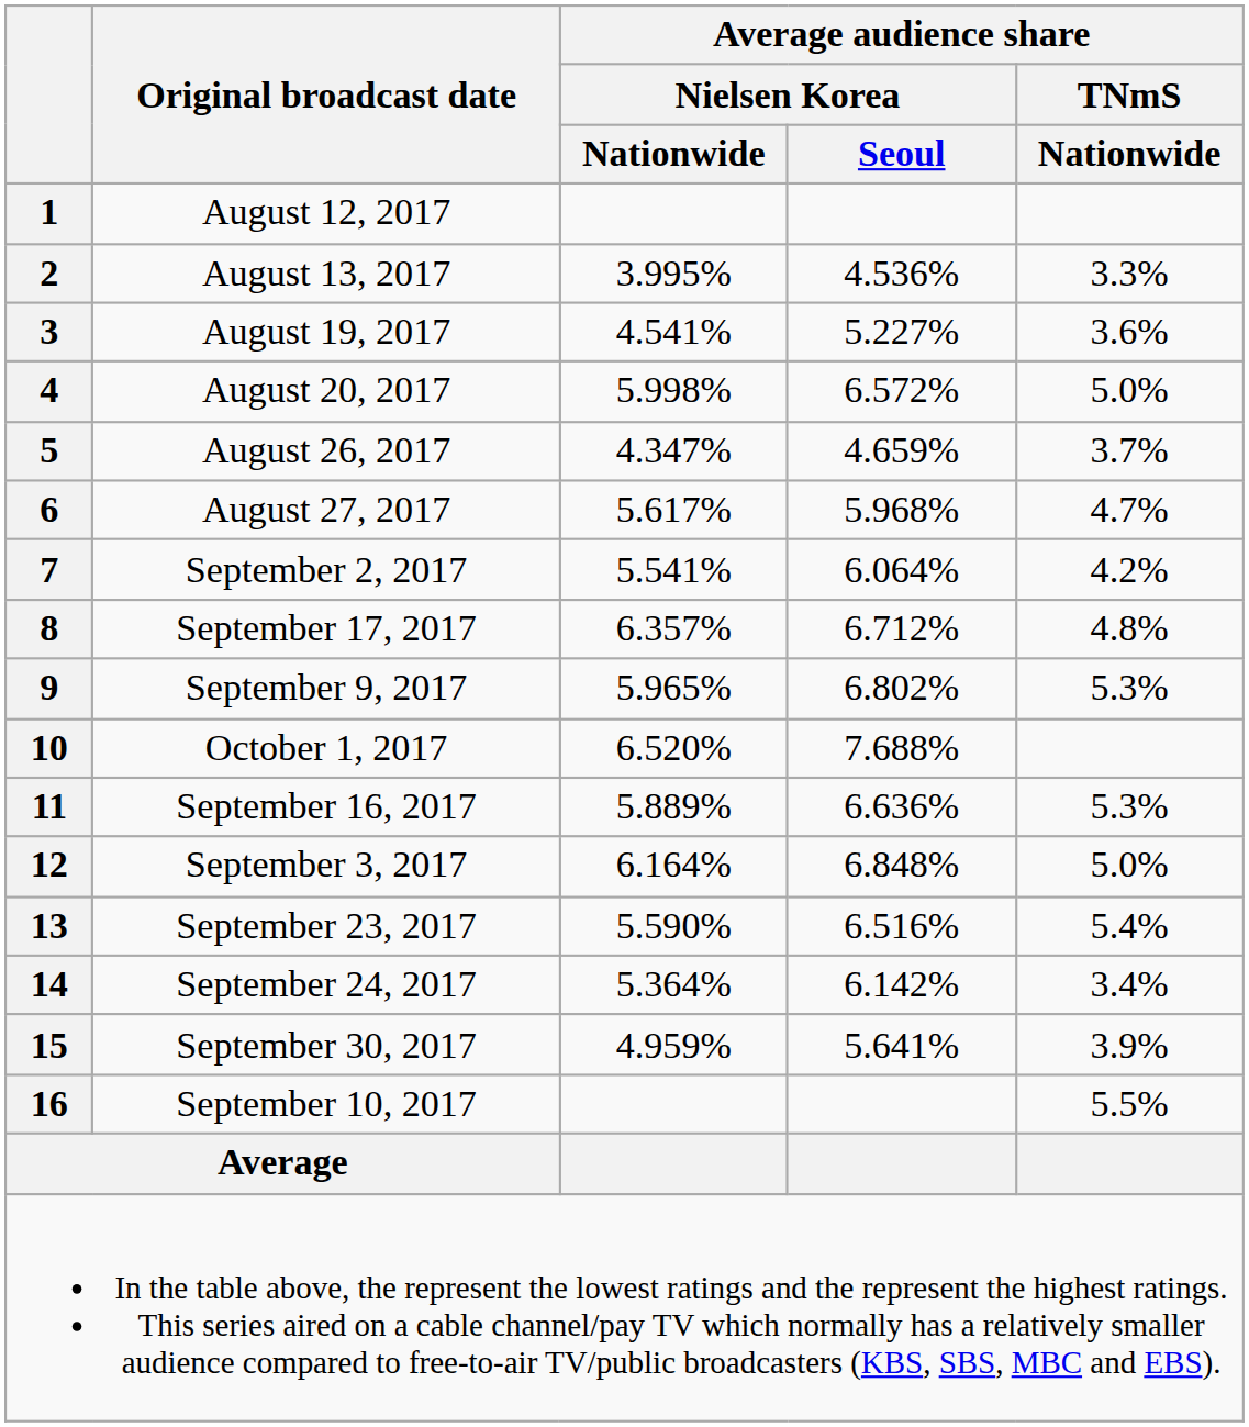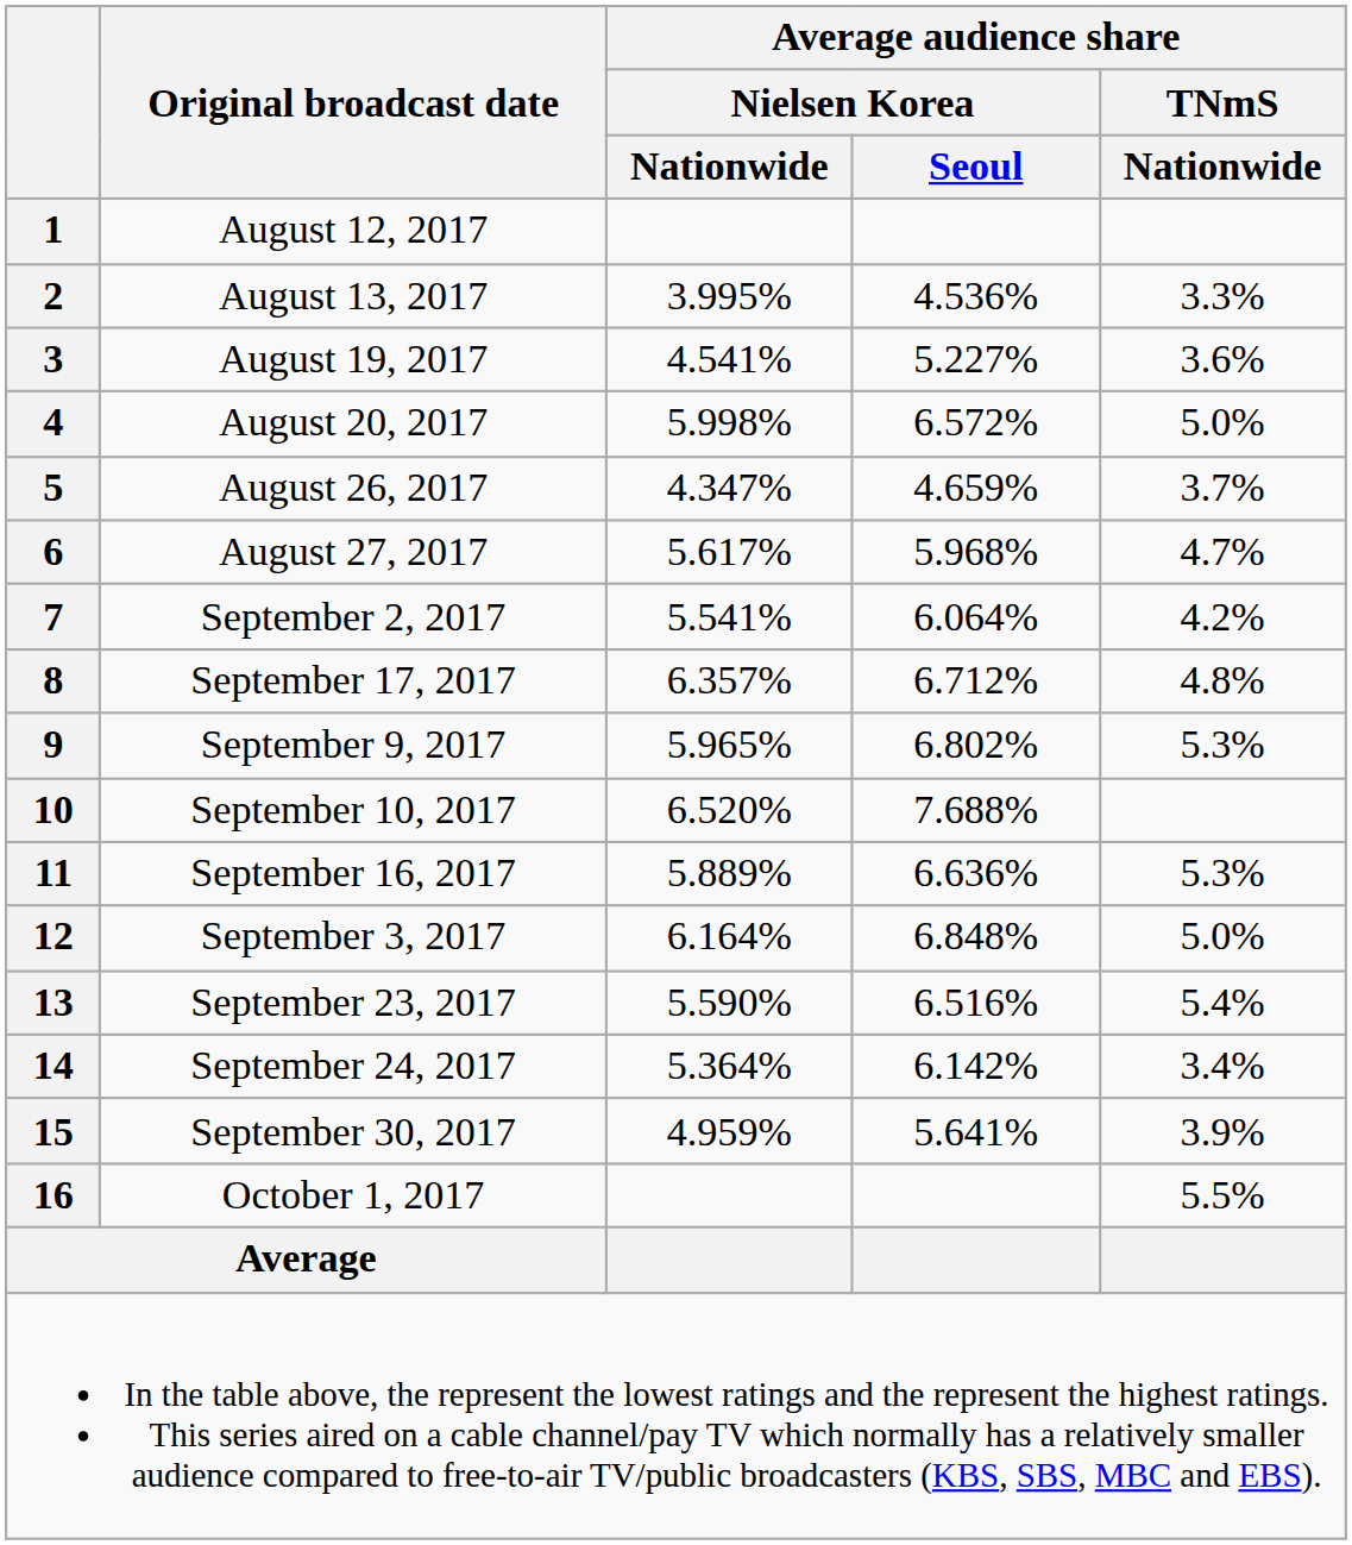 <table class="wikitable" style="text-align:center; width:530px">
 <tr>
 <th rowspan="3"></th>
 <th rowspan="3">Original broadcast date</th>
 <th colspan="3">Average audience share</th>
 </tr>
 <tr>
 <th colspan="2">Nielsen Korea</th>
 <th>TNmS</th>
 </tr>
 <tr>
 <th width="90">Nationwide</th>
 <th width="90"><a href='#'>Seoul</a></th>
 <th width="90">Nationwide</th>
 </tr>
 <tr>
 <th>1</th>
 <td>August 12, 2017</td>
 <td></td>
 <td></td>
 <td></td>
 </tr>
 <tr>
 <th>2</th>
 <td>August 13, 2017</td>
 <td>3.995%</td>
 <td>4.536%</td>
 <td>3.3%</td>
 </tr>
 <tr>
 <th>3</th>
 <td>August 19, 2017</td>
 <td>4.541%</td>
 <td>5.227%</td>
 <td>3.6%</td>
 </tr>
 <tr>
 <th>4</th>
 <td>August 20, 2017</td>
 <td>5.998%</td>
 <td>6.572%</td>
 <td>5.0%</td>
 </tr>
 <tr>
 <th>5</th>
 <td>August 26, 2017</td>
 <td>4.347%</td>
 <td>4.659%</td>
 <td>3.7%</td>
 </tr>
 <tr>
 <th>6</th>
 <td>August 27, 2017</td>
 <td>5.617%</td>
 <td>5.968%</td>
 <td>4.7%</td>
 </tr>
 <tr>
 <th>7</th>
 <td>September 2, 2017</td>
 <td>5.541%</td>
 <td>6.064%</td>
 <td>4.2%</td>
 </tr>
 <tr>
 <th>8</th>
 <td>September 17, 2017</td>
 <td>6.357%</td>
 <td>6.712%</td>
 <td>4.8%</td>
 </tr>
 <tr>
 <th>9</th>
 <td>September 9, 2017</td>
 <td>5.965%</td>
 <td>6.802%</td>
 <td>5.3%</td>
 </tr>
 <tr>
 <th>10</th>
-<td>October 1, 2017</td>
+<td>September 10, 2017</td>
 <td>6.520%</td>
 <td>7.688%</td>
 <td></td>
 </tr>
 <tr>
 <th>11</th>
 <td>September 16, 2017</td>
 <td>5.889%</td>
 <td>6.636%</td>
 <td>5.3%</td>
 </tr>
 <tr>
 <th>12</th>
 <td>September 3, 2017</td>
 <td>6.164%</td>
 <td>6.848%</td>
 <td>5.0%</td>
 </tr>
 <tr>
 <th>13</th>
 <td>September 23, 2017</td>
 <td>5.590%</td>
 <td>6.516%</td>
 <td>5.4%</td>
 </tr>
 <tr>
 <th>14</th>
 <td>September 24, 2017</td>
 <td>5.364%</td>
 <td>6.142%</td>
 <td>3.4%</td>
 </tr>
 <tr>
 <th>15</th>
 <td>September 30, 2017</td>
 <td>4.959%</td>
 <td>5.641%</td>
 <td>3.9%</td>
 </tr>
 <tr>
 <th>16</th>
-<td>September 10, 2017</td>
+<td>October 1, 2017</td>
 <td></td>
 <td></td>
 <td>5.5%</td>
 </tr>
 <tr>
 <th colspan="2">Average</th>
 <th></th>
 <th></th>
 <th></th>
 </tr>
 <tr>
 <td colspan="5" style="font-size:85%"><br><ul><li>In the table above, the <strong></strong> represent the lowest ratings and the <strong></strong> represent the highest ratings.</li><li>This series aired on a cable channel/pay TV which normally has a relatively smaller audience compared to free-to-air TV/public broadcasters (<a href='#'>KBS</a>, <a href='#'>SBS</a>, <a href='#'>MBC</a> and <a href='#'>EBS</a>).</li></ul></td>
 </tr>
 </table>
